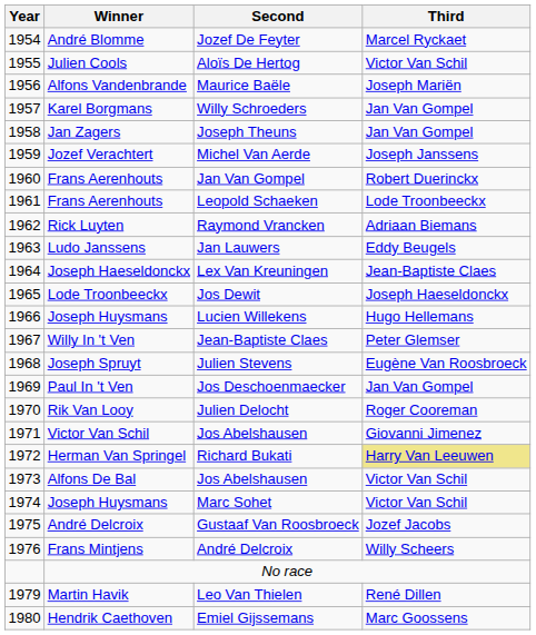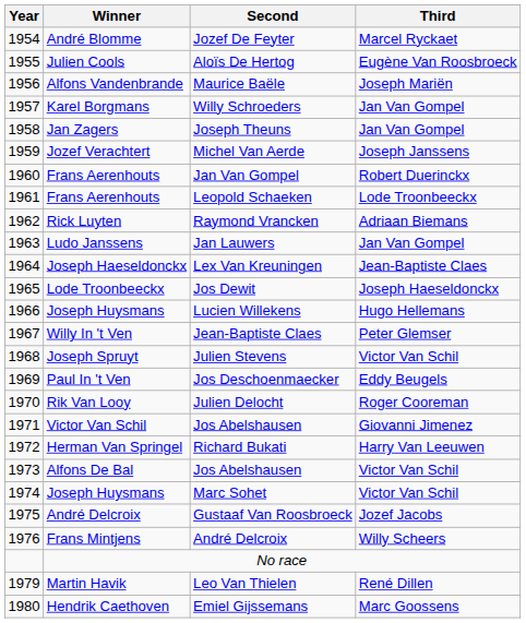 <table class="wikitable">
 <tr>
 <th>Year</th>
 <th>Winner</th>
 <th>Second</th>
 <th>Third</th>
 </tr>
 <tr>
 <td>1954</td>
 <td> <a href='#'>André Blomme</a></td>
 <td> <a href='#'>Jozef De Feyter</a></td>
 <td> <a href='#'>Marcel Ryckaet</a></td>
 </tr>
 <tr>
 <td>1955</td>
 <td> <a href='#'>Julien Cools</a></td>
 <td> <a href='#'>Aloïs De Hertog</a></td>
-<td> <a href='#'>Victor Van Schil</a></td>
+<td> <a href='#'>Eugène Van Roosbroeck</a></td>
 </tr>
 <tr>
 <td>1956</td>
 <td> <a href='#'>Alfons Vandenbrande</a></td>
 <td> <a href='#'>Maurice Baële</a></td>
 <td> <a href='#'>Joseph Mariën</a></td>
 </tr>
 <tr>
 <td>1957</td>
 <td> <a href='#'>Karel Borgmans</a></td>
 <td> <a href='#'>Willy Schroeders</a></td>
 <td> <a href='#'>Jan Van Gompel</a></td>
 </tr>
 <tr>
 <td>1958</td>
 <td> <a href='#'>Jan Zagers</a></td>
 <td> <a href='#'>Joseph Theuns</a></td>
 <td> <a href='#'>Jan Van Gompel</a></td>
 </tr>
 <tr>
 <td>1959</td>
 <td> <a href='#'>Jozef Verachtert</a></td>
 <td> <a href='#'>Michel Van Aerde</a></td>
 <td> <a href='#'>Joseph Janssens</a></td>
 </tr>
 <tr>
 <td>1960</td>
 <td> <a href='#'>Frans Aerenhouts</a></td>
 <td> <a href='#'>Jan Van Gompel</a></td>
 <td> <a href='#'>Robert Duerinckx</a></td>
 </tr>
 <tr>
 <td>1961</td>
 <td> <a href='#'>Frans Aerenhouts</a></td>
 <td> <a href='#'>Leopold Schaeken</a></td>
 <td> <a href='#'>Lode Troonbeeckx</a></td>
 </tr>
 <tr>
 <td>1962</td>
 <td> <a href='#'>Rick Luyten</a></td>
 <td> <a href='#'>Raymond Vrancken</a></td>
 <td> <a href='#'>Adriaan Biemans</a></td>
 </tr>
 <tr>
 <td>1963</td>
 <td> <a href='#'>Ludo Janssens</a></td>
 <td> <a href='#'>Jan Lauwers</a></td>
-<td> <a href='#'>Eddy Beugels</a></td>
+<td> <a href='#'>Jan Van Gompel</a></td>
 </tr>
 <tr>
 <td>1964</td>
 <td> <a href='#'>Joseph Haeseldonckx</a></td>
 <td> <a href='#'>Lex Van Kreuningen</a></td>
 <td> <a href='#'>Jean-Baptiste Claes</a></td>
 </tr>
 <tr>
 <td>1965</td>
 <td> <a href='#'>Lode Troonbeeckx</a></td>
 <td> <a href='#'>Jos Dewit</a></td>
 <td> <a href='#'>Joseph Haeseldonckx</a></td>
 </tr>
 <tr>
 <td>1966</td>
 <td> <a href='#'>Joseph Huysmans</a></td>
 <td> <a href='#'>Lucien Willekens</a></td>
 <td> <a href='#'>Hugo Hellemans</a></td>
 </tr>
 <tr>
 <td>1967</td>
 <td> <a href='#'>Willy In 't Ven</a></td>
 <td> <a href='#'>Jean-Baptiste Claes</a></td>
 <td> <a href='#'>Peter Glemser</a></td>
 </tr>
 <tr>
 <td>1968</td>
 <td> <a href='#'>Joseph Spruyt</a></td>
 <td> <a href='#'>Julien Stevens</a></td>
-<td> <a href='#'>Eugène Van Roosbroeck</a></td>
+<td> <a href='#'>Victor Van Schil</a></td>
 </tr>
 <tr>
 <td>1969</td>
 <td> <a href='#'>Paul In 't Ven</a></td>
 <td> <a href='#'>Jos Deschoenmaecker</a></td>
-<td> <a href='#'>Jan Van Gompel</a></td>
+<td> <a href='#'>Eddy Beugels</a></td>
 </tr>
 <tr>
 <td>1970</td>
 <td> <a href='#'>Rik Van Looy</a></td>
 <td> <a href='#'>Julien Delocht</a></td>
 <td> <a href='#'>Roger Cooreman</a></td>
 </tr>
 <tr>
 <td>1971</td>
 <td> <a href='#'>Victor Van Schil</a></td>
 <td> <a href='#'>Jos Abelshausen</a></td>
 <td> <a href='#'>Giovanni Jimenez</a></td>
 </tr>
 <tr>
 <td>1972</td>
 <td> <a href='#'>Herman Van Springel</a></td>
 <td> <a href='#'>Richard Bukati</a></td>
-<td style="background: khaki;"> <a href='#'>Harry Van Leeuwen</a></td>
+<td> <a href='#'>Harry Van Leeuwen</a></td>
 </tr>
 <tr>
 <td>1973</td>
 <td> <a href='#'>Alfons De Bal</a></td>
 <td> <a href='#'>Jos Abelshausen</a></td>
 <td> <a href='#'>Victor Van Schil</a></td>
 </tr>
 <tr>
 <td>1974</td>
 <td> <a href='#'>Joseph Huysmans</a></td>
 <td> <a href='#'>Marc Sohet</a></td>
 <td> <a href='#'>Victor Van Schil</a></td>
 </tr>
 <tr>
 <td>1975</td>
 <td> <a href='#'>André Delcroix</a></td>
 <td> <a href='#'>Gustaaf Van Roosbroeck</a></td>
 <td> <a href='#'>Jozef Jacobs</a></td>
 </tr>
 <tr>
 <td>1976</td>
 <td> <a href='#'>Frans Mintjens</a></td>
 <td> <a href='#'>André Delcroix</a></td>
 <td> <a href='#'>Willy Scheers</a></td>
 </tr>
 <tr>
 <td></td>
 <td colspan="3" align="center"><em>No race</em></td>
 </tr>
 <tr>
 <td>1979</td>
 <td> <a href='#'>Martin Havik</a></td>
 <td> <a href='#'>Leo Van Thielen</a></td>
 <td> <a href='#'>René Dillen</a></td>
 </tr>
 <tr>
 <td>1980</td>
 <td> <a href='#'>Hendrik Caethoven</a></td>
 <td> <a href='#'>Emiel Gijssemans</a></td>
 <td> <a href='#'>Marc Goossens</a></td>
 </tr>
 </table>
